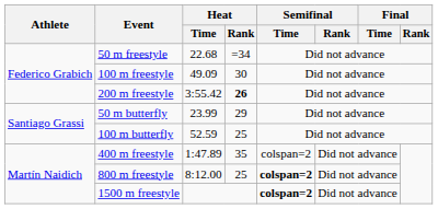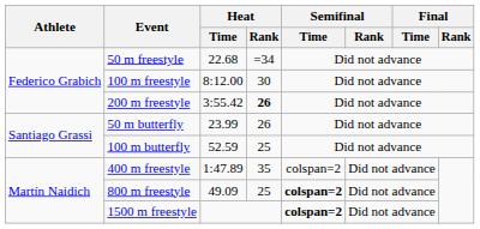 <table class=wikitable style=font-size:90%>
 <tr>
 <th rowspan=2>Athlete</th>
 <th rowspan=2>Event</th>
 <th colspan=2>Heat</th>
 <th colspan=2>Semifinal</th>
 <th colspan=2>Final</th>
 </tr>
 <tr style=font-size:95%>
 <th>Time</th>
 <th>Rank</th>
 <th>Time</th>
 <th>Rank</th>
 <th>Time</th>
 <th>Rank</th>
 </tr>
 <tr align=center>
 <td align=left rowspan=3><a href='#'>Federico Grabich</a></td>
 <td align=left><a href='#'>50 m freestyle</a></td>
 <td>22.68</td>
 <td>=34</td>
 <td colspan=4>Did not advance</td>
 </tr>
 <tr align=center>
 <td align=left><a href='#'>100 m freestyle</a></td>
-<td>49.09</td>
+<td>8:12.00</td>
 <td>30</td>
 <td colspan=4>Did not advance</td>
 </tr>
 <tr align=center>
 <td align=left><a href='#'>200 m freestyle</a></td>
 <td>3:55.42</td>
 <td><strong>26</strong></td>
 <td colspan=4>Did not advance</td>
 </tr>
 <tr align=center>
 <td align=left rowspan=2><a href='#'>Santiago Grassi</a></td>
 <td align=left><a href='#'>50 m butterfly</a></td>
 <td>23.99</td>
-<td>29</td>
+<td>26</td>
 <td colspan=4>Did not advance</td>
 </tr>
 <tr align=center>
 <td align=left><a href='#'>100 m butterfly</a></td>
 <td>52.59</td>
 <td>25</td>
 <td colspan=4>Did not advance</td>
 </tr>
 <tr align=center>
 <td align=left rowspan=3><a href='#'>Martín Naidich</a></td>
 <td align=left><a href='#'>400 m freestyle</a></td>
 <td>1:47.89</td>
 <td>35</td>
 <td>colspan=2 </td>
 <td colspan=2>Did not advance</td>
 </tr>
 <tr align=center>
 <td align=left><a href='#'>800 m freestyle</a></td>
-<td>8:12.00</td>
+<td>49.09</td>
 <td>25</td>
 <td><strong>colspan=2 </strong></td>
 <td colspan=2>Did not advance</td>
 </tr>
 <tr align=center>
 <td align=left><a href='#'>1500 m freestyle</a></td>
 <td colspan=2></td>
 <td><strong>colspan=2 </strong></td>
 <td colspan=2>Did not advance</td>
 </tr>
 </table>
